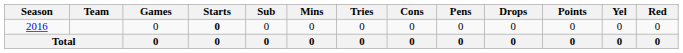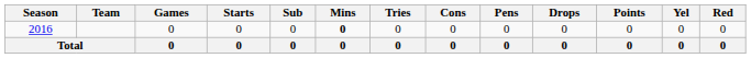 <table class="wikitable" style="text-align:center; line-height:90%; font-size:95%; width:60%;">
 <tr>
 <th>Season</th>
 <th>Team</th>
 <th>Games</th>
 <th>Starts</th>
 <th>Sub</th>
 <th>Mins</th>
 <th>Tries</th>
 <th>Cons</th>
 <th>Pens</th>
 <th>Drops</th>
 <th>Points</th>
 <th>Yel</th>
 <th>Red</th>
 </tr>
 <tr>
 <td><a href='#'>2016</a></td>
 <td></td>
 <td>0</td>
-<td><strong>0</strong></td>
 <td>0</td>
 <td>0</td>
+<td><strong>0</strong></td>
 <td>0</td>
 <td>0</td>
 <td>0</td>
 <td>0</td>
 <td>0</td>
 <td>0</td>
 <td>0</td>
 </tr>
 <tr>
 <th colspan="2">Total</th>
 <th>0</th>
 <th>0</th>
 <th>0</th>
 <th>0</th>
 <th>0</th>
 <th>0</th>
 <th>0</th>
 <th>0</th>
 <th>0</th>
 <th>0</th>
 <th>0</th>
 </tr>
 </table>
